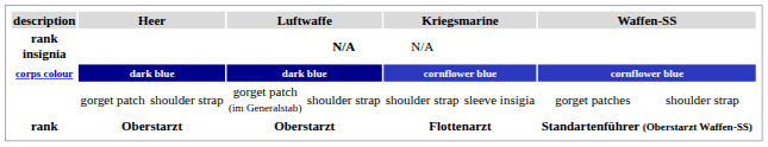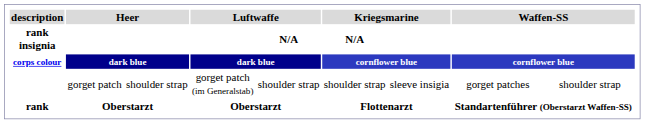 <table width="100%" style="border:1px solid #8888aa; background-color:#FFFFFF; padding:5px; font-size:95%; margin: 0px 12px 12px 0px;">
 <tr bgcolor="#dadada">
 <th colspan="1">description</th>
 <th colspan="2">Heer</th>
 <th colspan="2">Luftwaffe</th>
 <th colspan="2">Kriegsmarine</th>
 <th colspan="2">Waffen-SS</th>
 </tr>
 <tr align="center">
 <th>rank<br>insignia</th>
 <td></td>
 <td></td>
 <td></td>
 <td style="vertical-align: middle"><strong>N/A</strong></td>
-<td style="vertical-align: middle">N/A</td>
+<td style="vertical-align: middle"><strong>N/A</strong></td>
 <td></td>
 <td></td>
 <td></td>
 </tr>
 <tr align="center">
 <th align="center" colspan="1"><a href='#'><small>corps colour</small></a></th>
 <th align="center" colspan="2" style="background: darkblue; color:white"><small>dark blue</small></th>
 <th align="center" colspan="2" style="background: darkblue; color:white"><small>dark blue</small></th>
 <th align="center" colspan="2" style="background: #2C39Bf; color:white"><small>cornflower blue</small></th>
 <th align="center" colspan="2" style="background: #2C39Bf; color:white"><small>cornflower blue</small></th>
 </tr>
 <tr align="center">
 <td></td>
 <td>gorget patch</td>
 <td>shoulder strap</td>
 <td>gorget patch <br><small>(im Generalstab)</small></td>
 <td>shoulder strap</td>
 <td>shoulder strap</td>
 <td>sleeve insigia</td>
 <td>gorget patches</td>
 <td>shoulder strap</td>
 </tr>
 <tr align="center">
 <th>rank</th>
 <th align="center" colspan="2">Oberstarzt</th>
 <th align="center" colspan="2">Oberstarzt</th>
 <th align="center" colspan="2">Flottenarzt</th>
 <th align="center" colspan="2">Standartenführer <small>(Oberstarzt Waffen-SS)</small></th>
 </tr>
 </table>
